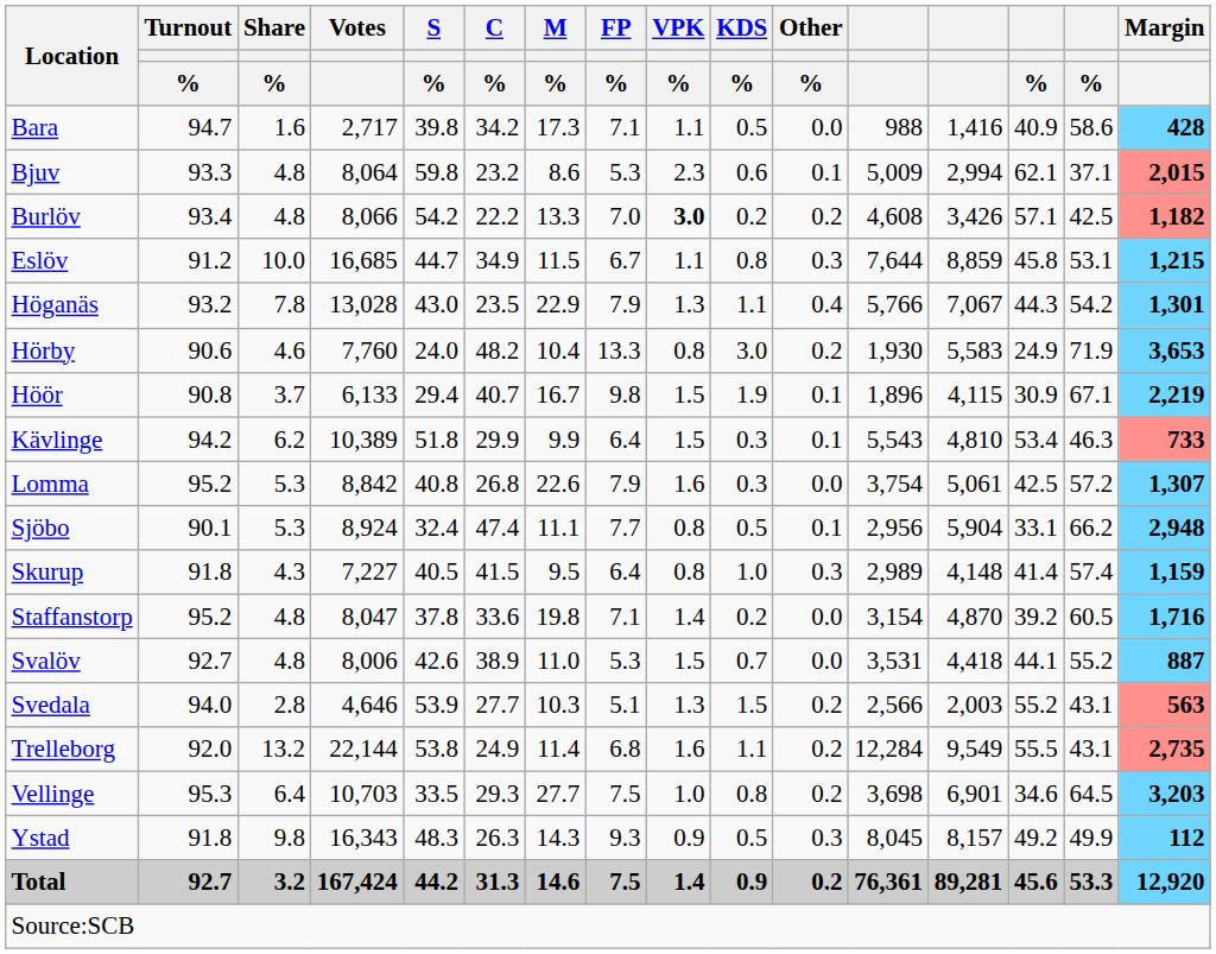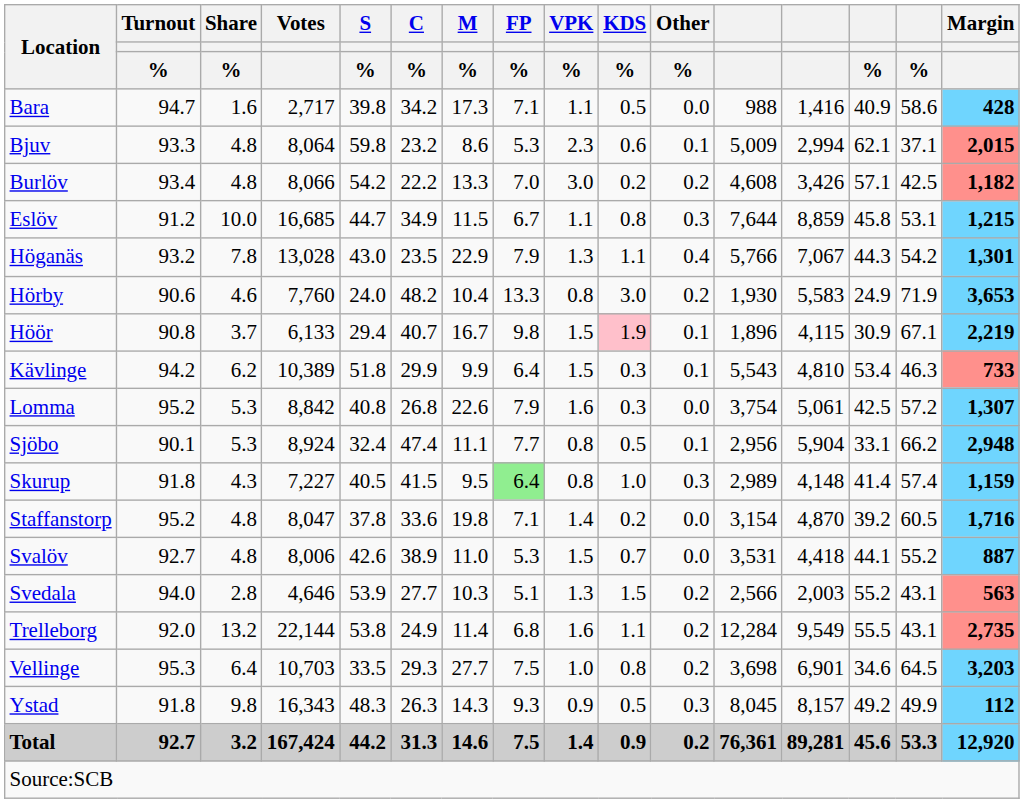 <table class="wikitable sortable" style="text-align:right; font-size:95%; line-height:20px;">
 <tr>
 <th rowspan="3">Location</th>
 <th>Turnout</th>
 <th>Share</th>
 <th>Votes</th>
 <th width="30px" class="unsortable"><a href='#'>S</a></th>
 <th width="30px" class="unsortable"><a href='#'>C</a></th>
 <th width="30px" class="unsortable"><a href='#'>M</a></th>
 <th width="30px" class="unsortable"><a href='#'>FP</a></th>
 <th width="30px" class="unsortable"><a href='#'>VPK</a></th>
 <th width="30px" class="unsortable"><a href='#'>KDS</a></th>
 <th width="30px" class="unsortable">Other</th>
 <th></th>
 <th></th>
 <th></th>
 <th></th>
 <th>Margin</th>
 </tr>
 <tr>
 <th></th>
 <th></th>
 <th></th>
 <th style="background:"></th>
 <th style="background:"></th>
 <th style="background:"></th>
 <th style="background:"></th>
 <th style="background:"></th>
 <th style="background:"></th>
 <th style="background:"></th>
 <th style="background:"></th>
 <th style="background:"></th>
 <th style="background:"></th>
 <th style="background:"></th>
 <th></th>
 </tr>
 <tr>
 <th data-sort-type="number">%</th>
 <th data-sort-type="number">%</th>
 <th></th>
 <th data-sort-type="number">%</th>
 <th data-sort-type="number">%</th>
 <th data-sort-type="number">%</th>
 <th data-sort-type="number">%</th>
 <th data-sort-type="number">%</th>
 <th data-sort-type="number">%</th>
 <th data-sort-type="number">%</th>
 <th data-sort-type="number"></th>
 <th data-sort-type="number"></th>
 <th data-sort-type="number">%</th>
 <th data-sort-type="number">%</th>
 <th data-sort-type="number"></th>
 </tr>
 <tr>
 <td align=left><a href='#'>Bara</a></td>
 <td>94.7</td>
 <td>1.6</td>
 <td>2,717</td>
 <td>39.8</td>
 <td>34.2</td>
 <td>17.3</td>
 <td>7.1</td>
 <td>1.1</td>
 <td>0.5</td>
 <td>0.0</td>
 <td>988</td>
 <td>1,416</td>
 <td>40.9</td>
 <td>58.6</td>
 <td bgcolor=#6fd5fe><strong>428</strong></td>
 </tr>
 <tr>
 <td align=left><a href='#'>Bjuv</a></td>
 <td>93.3</td>
 <td>4.8</td>
 <td>8,064</td>
 <td>59.8</td>
 <td>23.2</td>
 <td>8.6</td>
 <td>5.3</td>
 <td>2.3</td>
 <td>0.6</td>
 <td>0.1</td>
 <td>5,009</td>
 <td>2,994</td>
 <td>62.1</td>
 <td>37.1</td>
 <td bgcolor=#ff908c><strong>2,015</strong></td>
 </tr>
 <tr>
 <td align=left><a href='#'>Burlöv</a></td>
 <td>93.4</td>
 <td>4.8</td>
 <td>8,066</td>
 <td>54.2</td>
 <td>22.2</td>
 <td>13.3</td>
 <td>7.0</td>
-<td><strong>3.0</strong></td>
+<td>3.0</td>
 <td>0.2</td>
 <td>0.2</td>
 <td>4,608</td>
 <td>3,426</td>
 <td>57.1</td>
 <td>42.5</td>
 <td bgcolor=#ff908c><strong>1,182</strong></td>
 </tr>
 <tr>
 <td align=left><a href='#'>Eslöv</a></td>
 <td>91.2</td>
 <td>10.0</td>
 <td>16,685</td>
 <td>44.7</td>
 <td>34.9</td>
 <td>11.5</td>
 <td>6.7</td>
 <td>1.1</td>
 <td>0.8</td>
 <td>0.3</td>
 <td>7,644</td>
 <td>8,859</td>
 <td>45.8</td>
 <td>53.1</td>
 <td bgcolor=#6fd5fe><strong>1,215</strong></td>
 </tr>
 <tr>
 <td align=left><a href='#'>Höganäs</a></td>
 <td>93.2</td>
 <td>7.8</td>
 <td>13,028</td>
 <td>43.0</td>
 <td>23.5</td>
 <td>22.9</td>
 <td>7.9</td>
 <td>1.3</td>
 <td>1.1</td>
 <td>0.4</td>
 <td>5,766</td>
 <td>7,067</td>
 <td>44.3</td>
 <td>54.2</td>
 <td bgcolor=#6fd5fe><strong>1,301</strong></td>
 </tr>
 <tr>
 <td align=left><a href='#'>Hörby</a></td>
 <td>90.6</td>
 <td>4.6</td>
 <td>7,760</td>
 <td>24.0</td>
 <td>48.2</td>
 <td>10.4</td>
 <td>13.3</td>
 <td>0.8</td>
 <td>3.0</td>
 <td>0.2</td>
 <td>1,930</td>
 <td>5,583</td>
 <td>24.9</td>
 <td>71.9</td>
 <td bgcolor=#6fd5fe><strong>3,653</strong></td>
 </tr>
 <tr>
 <td align=left><a href='#'>Höör</a></td>
 <td>90.8</td>
 <td>3.7</td>
 <td>6,133</td>
 <td>29.4</td>
 <td>40.7</td>
 <td>16.7</td>
 <td>9.8</td>
 <td>1.5</td>
-<td>1.9</td>
+<td style="background: pink;">1.9</td>
 <td>0.1</td>
 <td>1,896</td>
 <td>4,115</td>
 <td>30.9</td>
 <td>67.1</td>
 <td bgcolor=#6fd5fe><strong>2,219</strong></td>
 </tr>
 <tr>
 <td align=left><a href='#'>Kävlinge</a></td>
 <td>94.2</td>
 <td>6.2</td>
 <td>10,389</td>
 <td>51.8</td>
 <td>29.9</td>
 <td>9.9</td>
 <td>6.4</td>
 <td>1.5</td>
 <td>0.3</td>
 <td>0.1</td>
 <td>5,543</td>
 <td>4,810</td>
 <td>53.4</td>
 <td>46.3</td>
 <td bgcolor=#ff908c><strong>733</strong></td>
 </tr>
 <tr>
 <td align=left><a href='#'>Lomma</a></td>
 <td>95.2</td>
 <td>5.3</td>
 <td>8,842</td>
 <td>40.8</td>
 <td>26.8</td>
 <td>22.6</td>
 <td>7.9</td>
 <td>1.6</td>
 <td>0.3</td>
 <td>0.0</td>
 <td>3,754</td>
 <td>5,061</td>
 <td>42.5</td>
 <td>57.2</td>
 <td bgcolor=#6fd5fe><strong>1,307</strong></td>
 </tr>
 <tr>
 <td align=left><a href='#'>Sjöbo</a></td>
 <td>90.1</td>
 <td>5.3</td>
 <td>8,924</td>
 <td>32.4</td>
 <td>47.4</td>
 <td>11.1</td>
 <td>7.7</td>
 <td>0.8</td>
 <td>0.5</td>
 <td>0.1</td>
 <td>2,956</td>
 <td>5,904</td>
 <td>33.1</td>
 <td>66.2</td>
 <td bgcolor=#6fd5fe><strong>2,948</strong></td>
 </tr>
 <tr>
 <td align=left><a href='#'>Skurup</a></td>
 <td>91.8</td>
 <td>4.3</td>
 <td>7,227</td>
 <td>40.5</td>
 <td>41.5</td>
 <td>9.5</td>
-<td>6.4</td>
+<td style="background: lightgreen;">6.4</td>
 <td>0.8</td>
 <td>1.0</td>
 <td>0.3</td>
 <td>2,989</td>
 <td>4,148</td>
 <td>41.4</td>
 <td>57.4</td>
 <td bgcolor=#6fd5fe><strong>1,159</strong></td>
 </tr>
 <tr>
 <td align=left><a href='#'>Staffanstorp</a></td>
 <td>95.2</td>
 <td>4.8</td>
 <td>8,047</td>
 <td>37.8</td>
 <td>33.6</td>
 <td>19.8</td>
 <td>7.1</td>
 <td>1.4</td>
 <td>0.2</td>
 <td>0.0</td>
 <td>3,154</td>
 <td>4,870</td>
 <td>39.2</td>
 <td>60.5</td>
 <td bgcolor=#6fd5fe><strong>1,716</strong></td>
 </tr>
 <tr>
 <td align=left><a href='#'>Svalöv</a></td>
 <td>92.7</td>
 <td>4.8</td>
 <td>8,006</td>
 <td>42.6</td>
 <td>38.9</td>
 <td>11.0</td>
 <td>5.3</td>
 <td>1.5</td>
 <td>0.7</td>
 <td>0.0</td>
 <td>3,531</td>
 <td>4,418</td>
 <td>44.1</td>
 <td>55.2</td>
 <td bgcolor=#6fd5fe><strong>887</strong></td>
 </tr>
 <tr>
 <td align=left><a href='#'>Svedala</a></td>
 <td>94.0</td>
 <td>2.8</td>
 <td>4,646</td>
 <td>53.9</td>
 <td>27.7</td>
 <td>10.3</td>
 <td>5.1</td>
 <td>1.3</td>
 <td>1.5</td>
 <td>0.2</td>
 <td>2,566</td>
 <td>2,003</td>
 <td>55.2</td>
 <td>43.1</td>
 <td bgcolor=#ff908c><strong>563</strong></td>
 </tr>
 <tr>
 <td align=left><a href='#'>Trelleborg</a></td>
 <td>92.0</td>
 <td>13.2</td>
 <td>22,144</td>
 <td>53.8</td>
 <td>24.9</td>
 <td>11.4</td>
 <td>6.8</td>
 <td>1.6</td>
 <td>1.1</td>
 <td>0.2</td>
 <td>12,284</td>
 <td>9,549</td>
 <td>55.5</td>
 <td>43.1</td>
 <td bgcolor=#ff908c><strong>2,735</strong></td>
 </tr>
 <tr>
 <td align=left><a href='#'>Vellinge</a></td>
 <td>95.3</td>
 <td>6.4</td>
 <td>10,703</td>
 <td>33.5</td>
 <td>29.3</td>
 <td>27.7</td>
 <td>7.5</td>
 <td>1.0</td>
 <td>0.8</td>
 <td>0.2</td>
 <td>3,698</td>
 <td>6,901</td>
 <td>34.6</td>
 <td>64.5</td>
 <td bgcolor=#6fd5fe><strong>3,203</strong></td>
 </tr>
 <tr>
 <td align=left><a href='#'>Ystad</a></td>
 <td>91.8</td>
 <td>9.8</td>
 <td>16,343</td>
 <td>48.3</td>
 <td>26.3</td>
 <td>14.3</td>
 <td>9.3</td>
 <td>0.9</td>
 <td>0.5</td>
 <td>0.3</td>
 <td>8,045</td>
 <td>8,157</td>
 <td>49.2</td>
 <td>49.9</td>
 <td bgcolor=#6fd5fe><strong>112</strong></td>
 </tr>
 <tr style="background:#CDCDCD;">
 <td align=left><strong>Total</strong></td>
 <td><strong>92.7</strong></td>
 <td><strong>3.2</strong></td>
 <td><strong>167,424</strong></td>
 <td><strong>44.2</strong></td>
 <td><strong>31.3</strong></td>
 <td><strong>14.6</strong></td>
 <td><strong>7.5</strong></td>
 <td><strong>1.4</strong></td>
 <td><strong>0.9</strong></td>
 <td><strong>0.2</strong></td>
 <td><strong>76,361</strong></td>
 <td><strong>89,281</strong></td>
 <td><strong>45.6</strong></td>
 <td><strong>53.3</strong></td>
 <td bgcolor=#6fd5fe><strong>12,920</strong></td>
 </tr>
 <tr>
 <td align=left colspan=16>Source:SCB </td>
 </tr>
 </table>
